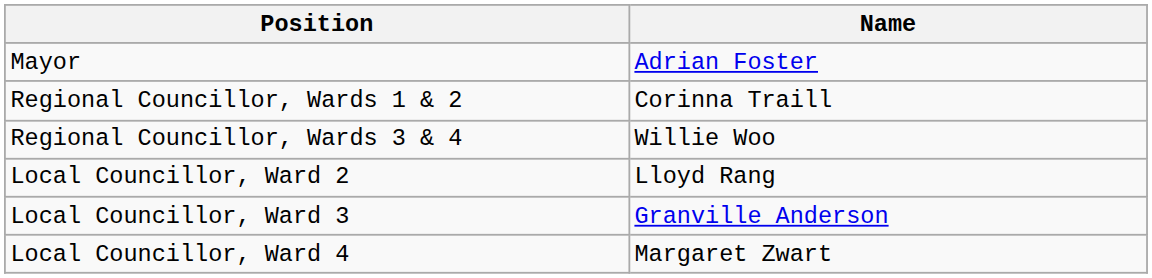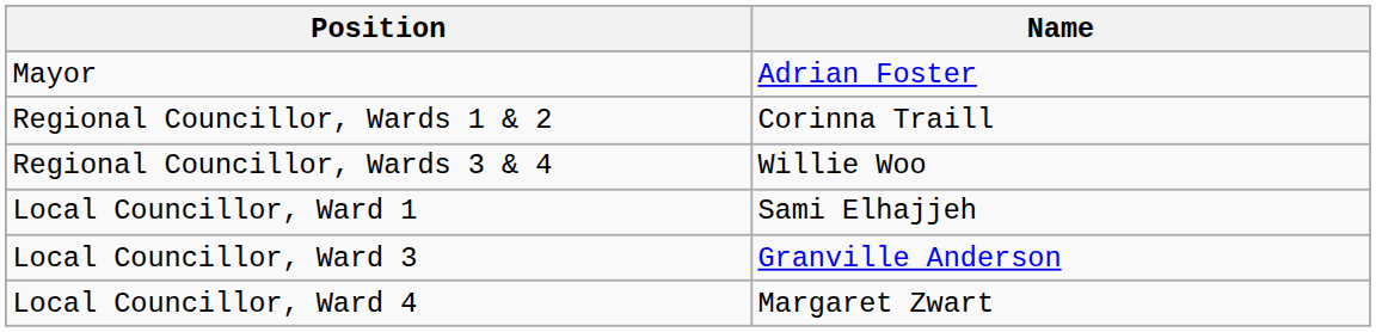 <table class="wikitable" style="width:50%;">
 <tr>
 <th bgcolor="#DDDDFF" width="50px">Position</th>
 <th bgcolor="#DDDDFF" width="50px">Name</th>
 </tr>
 <tr>
 <td>Mayor</td>
 <td><a href='#'>Adrian Foster</a></td>
 </tr>
 <tr>
 <td>Regional Councillor, Wards 1 & 2</td>
 <td>Corinna Traill</td>
 </tr>
 <tr>
 <td>Regional Councillor, Wards 3 & 4</td>
 <td>Willie Woo</td>
 </tr>
 <tr>
-<td>Local Councillor, Ward 2</td>
-<td>Lloyd Rang</td>
+<td>Local Councillor, Ward 1</td>
+<td>Sami Elhajjeh</td>
 </tr>
 <tr>
 <td>Local Councillor, Ward 3</td>
 <td><a href='#'>Granville Anderson</a></td>
 </tr>
 <tr>
 <td>Local Councillor, Ward 4</td>
 <td>Margaret Zwart</td>
 </tr>
 </table>
